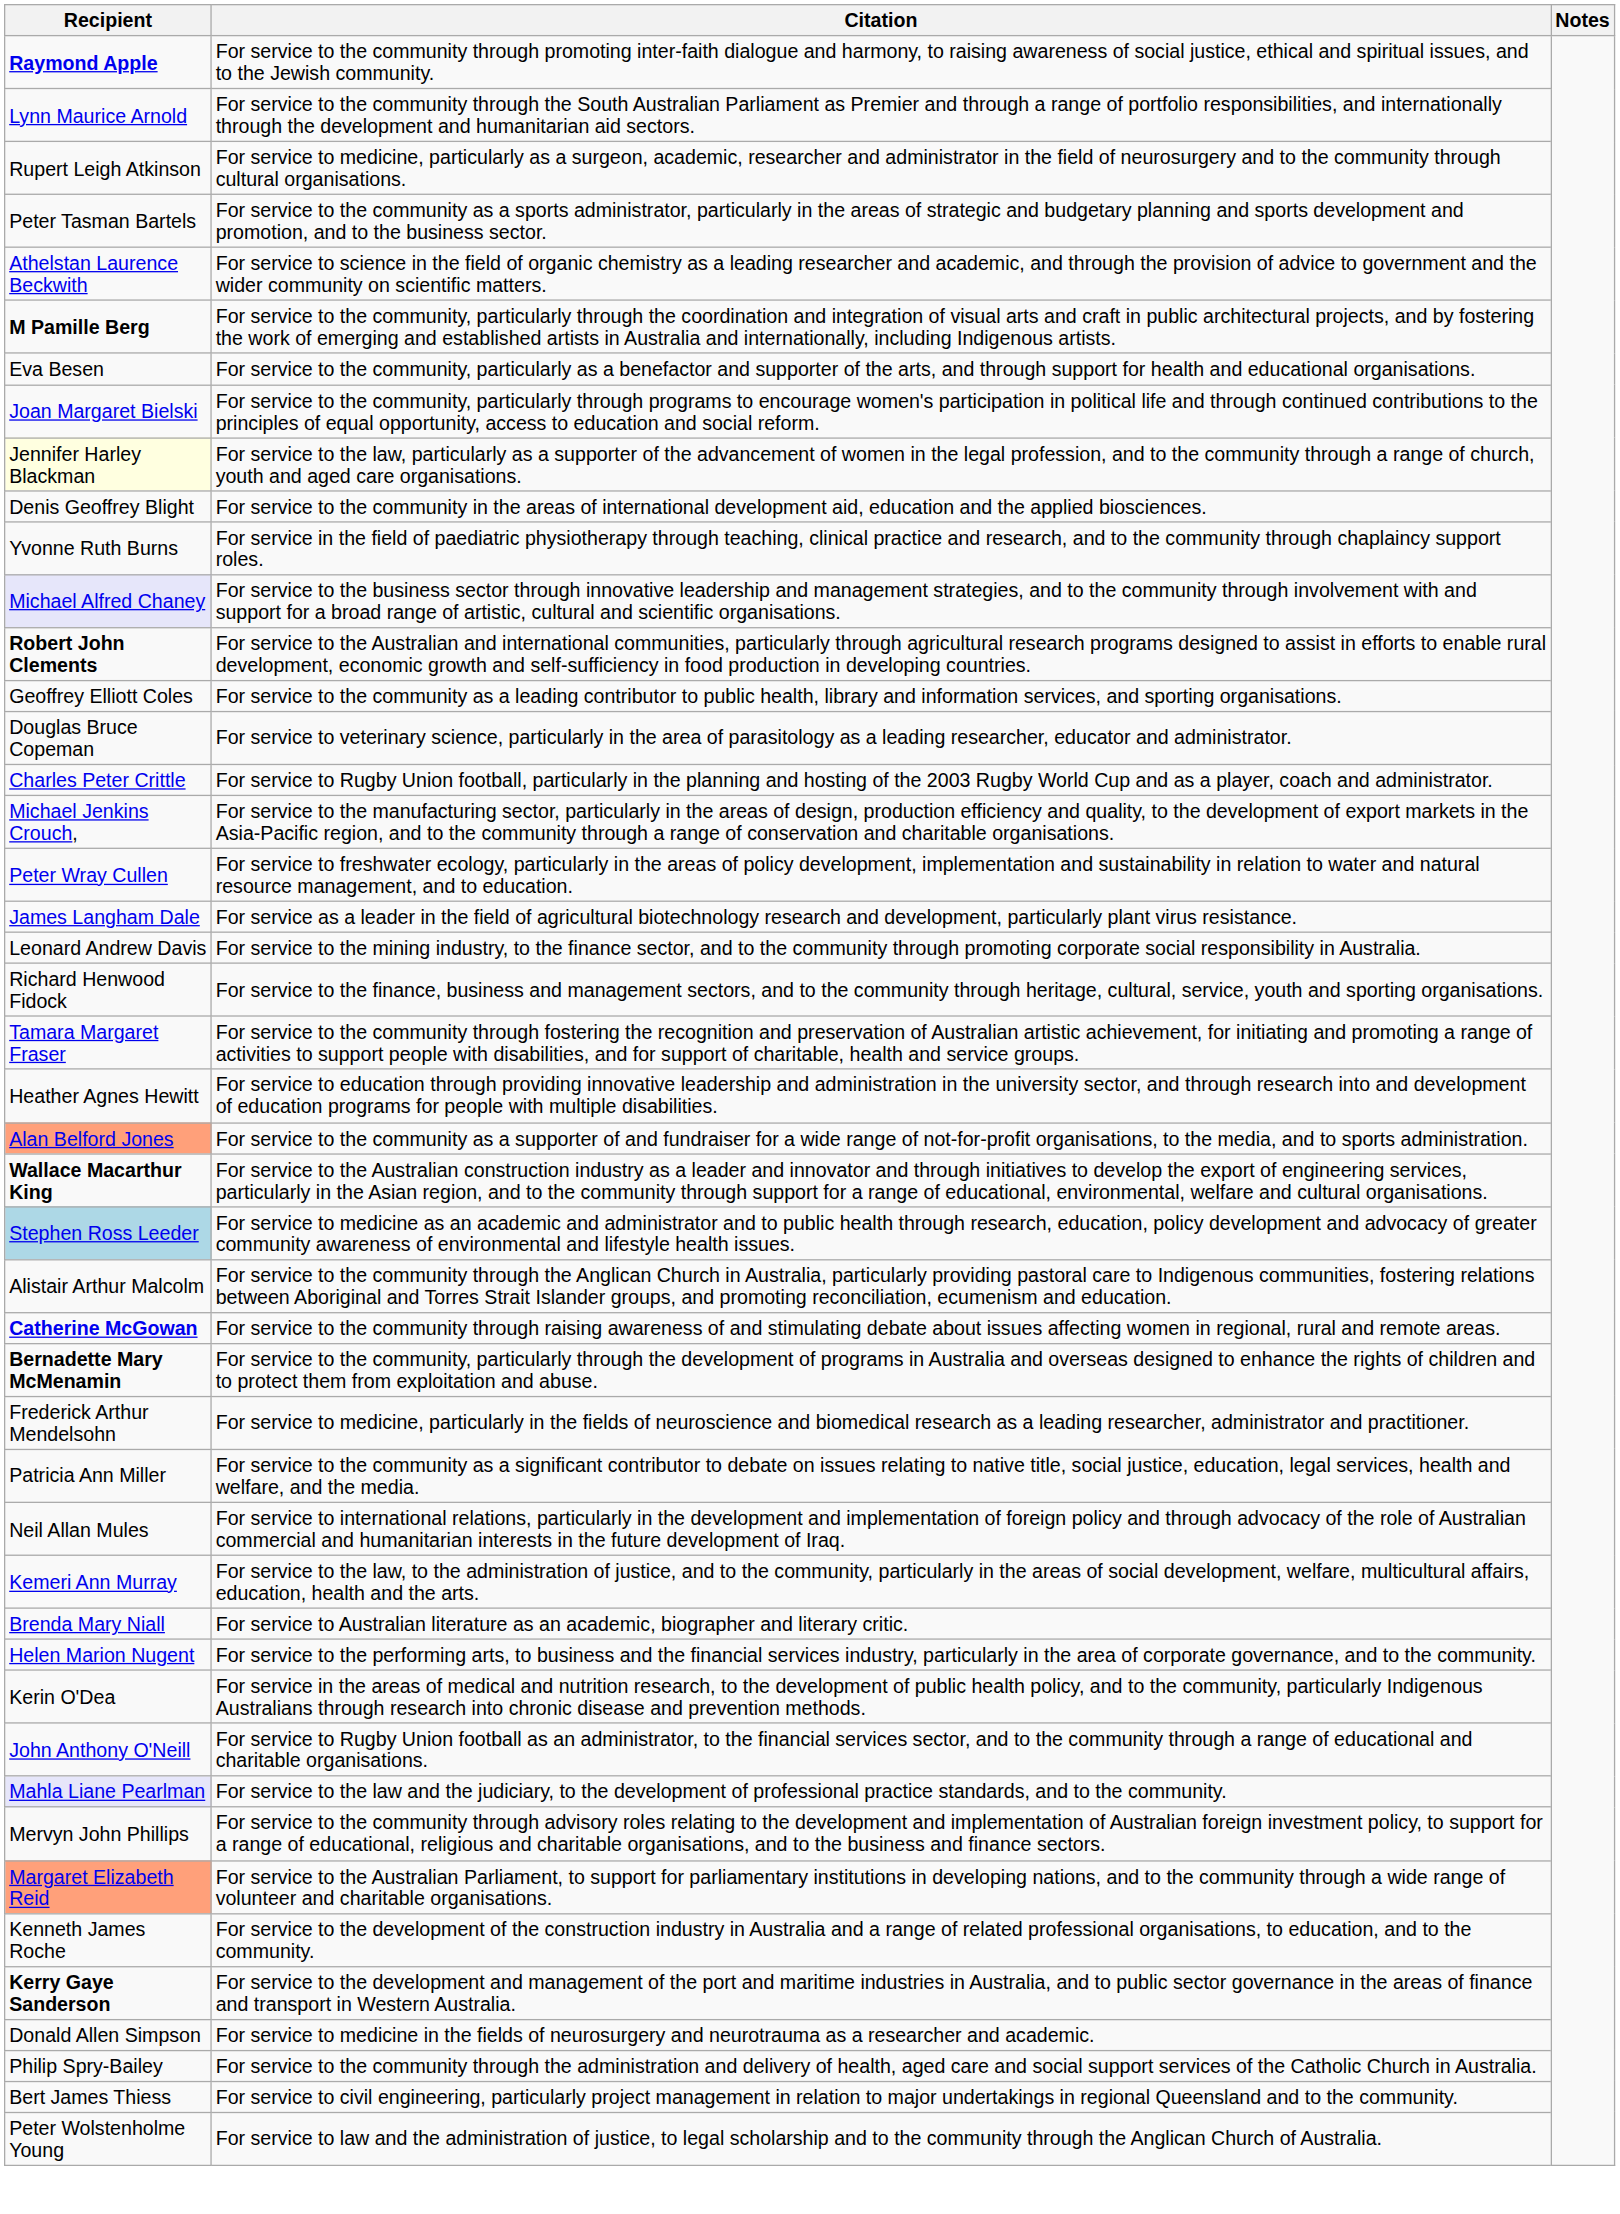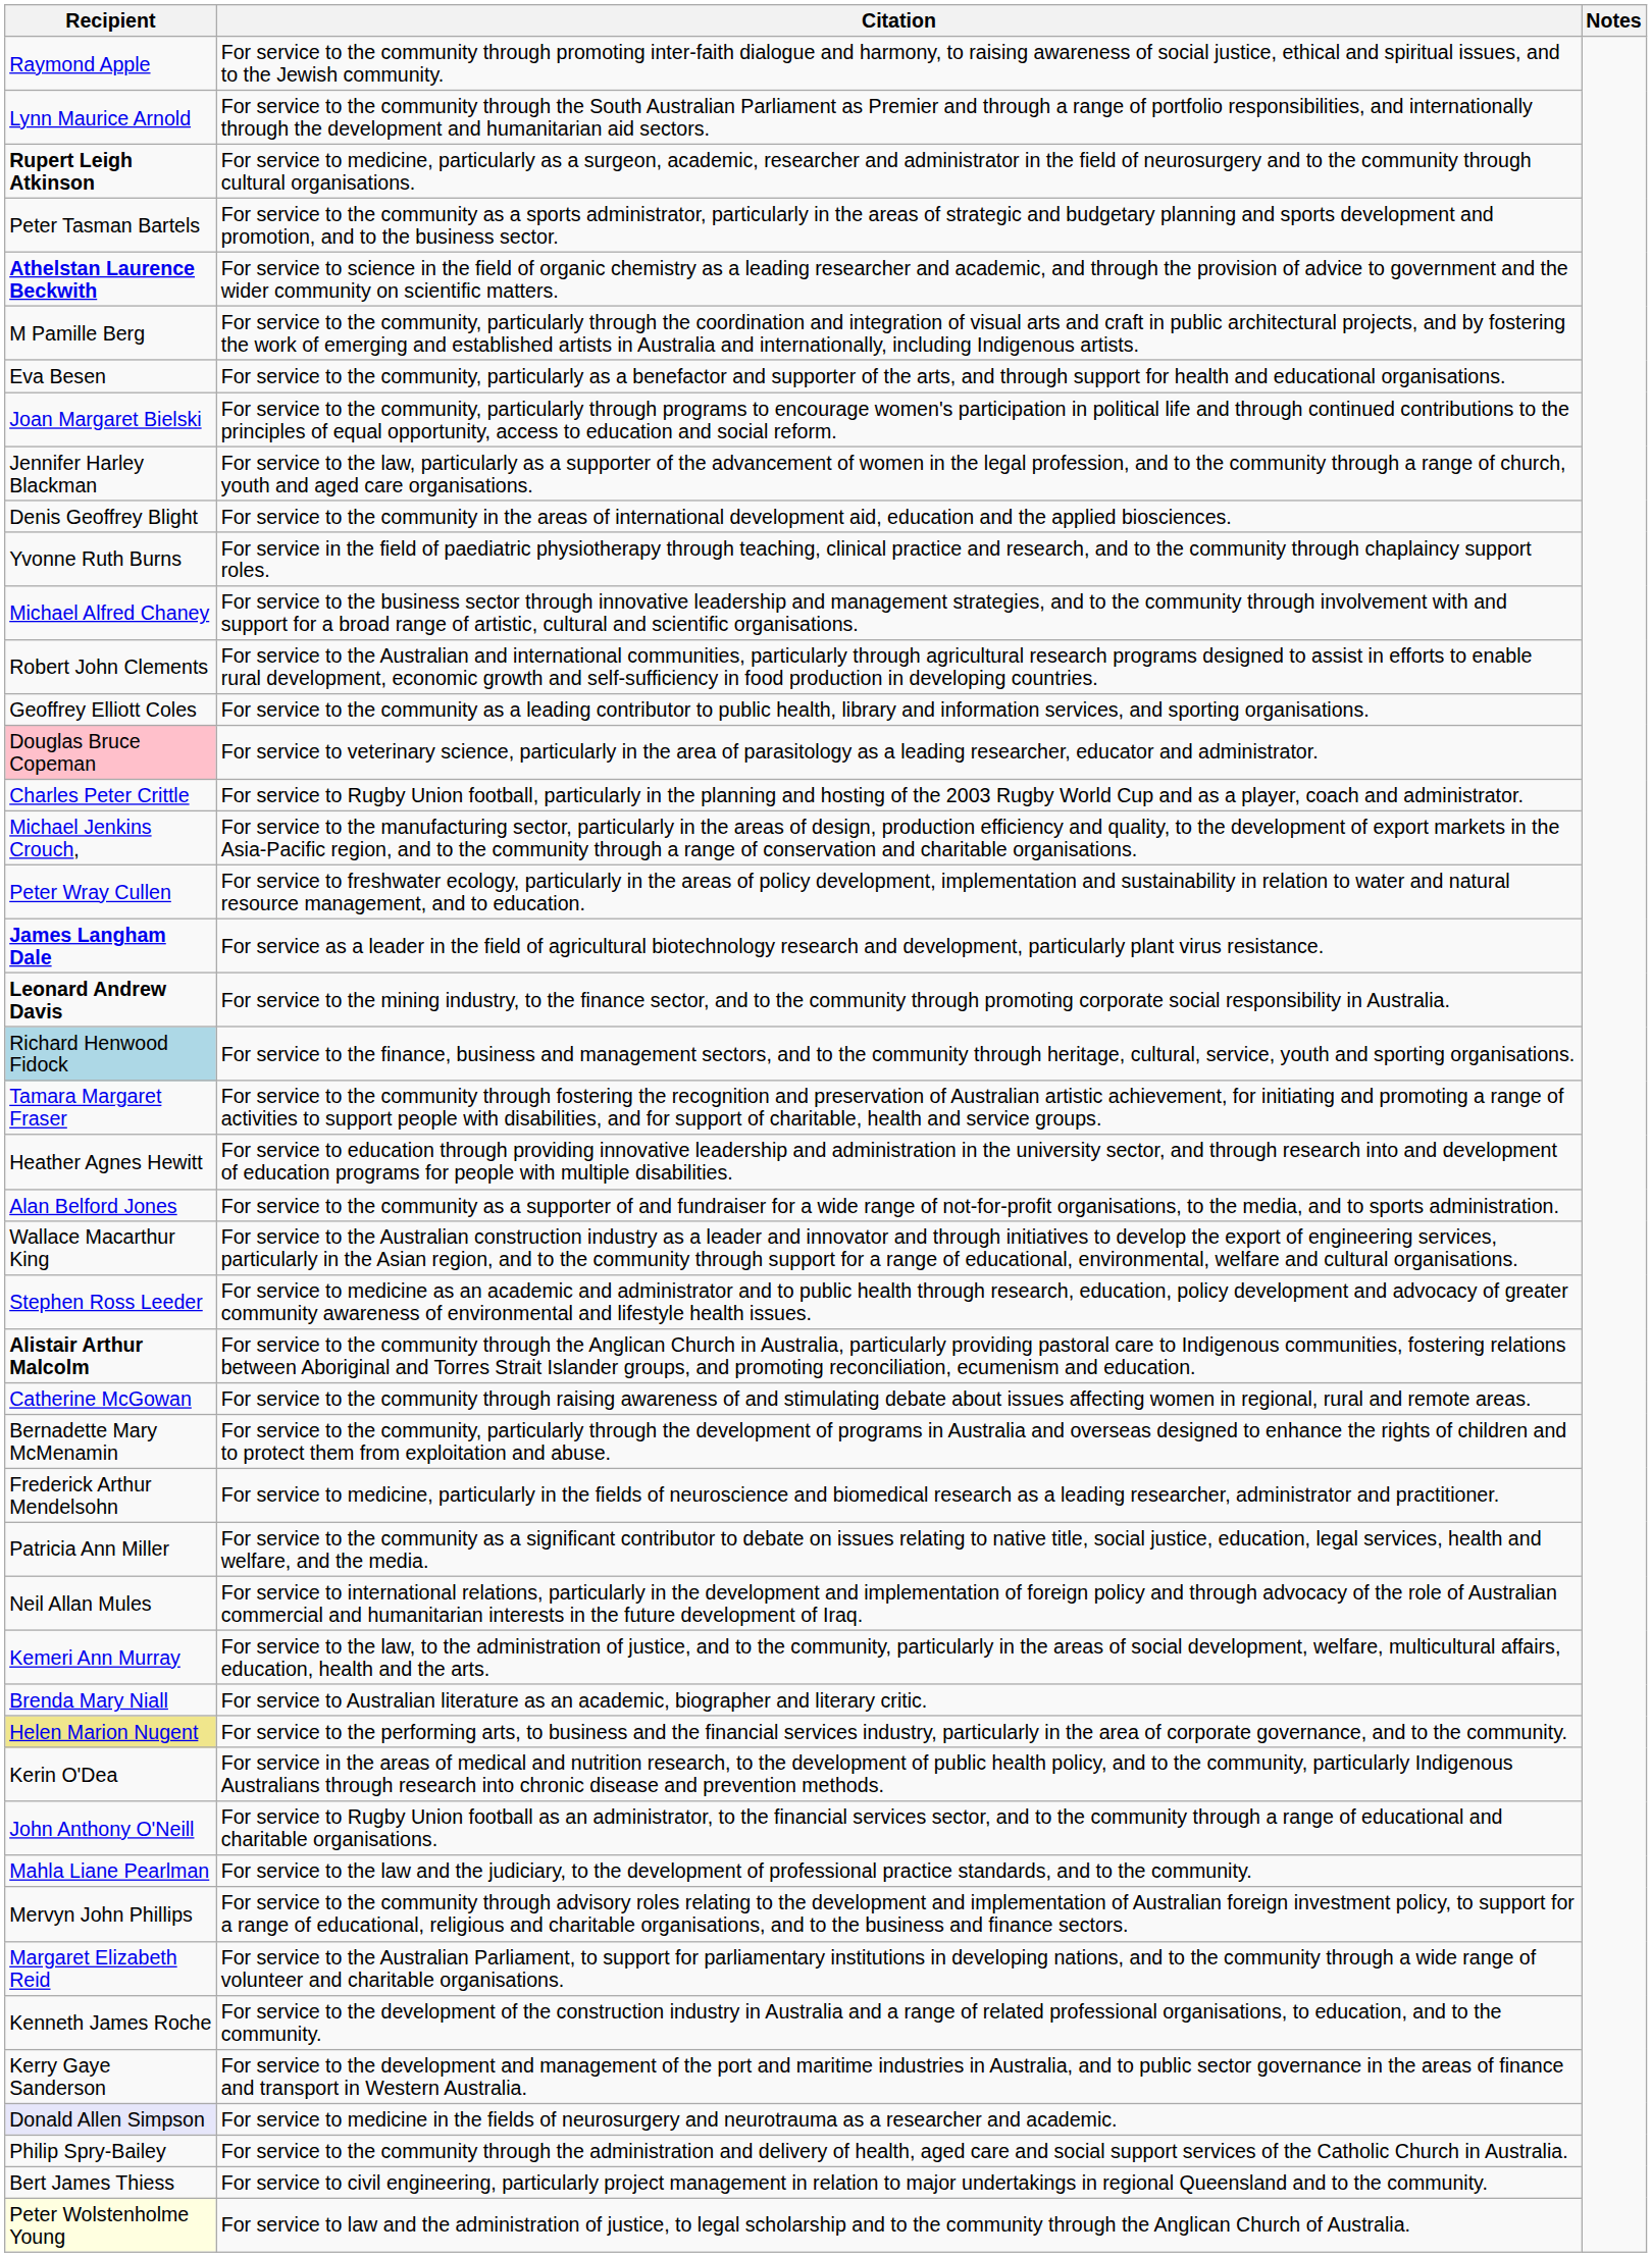 <table class="wikitable" style="font-size:95%;">
 <tr>
 <th>Recipient</th>
 <th>Citation</th>
 <th>Notes</th>
 </tr>
 <tr>
-<td><strong> <a href='#'>Raymond Apple</a></strong></td>
+<td> <a href='#'>Raymond Apple</a></td>
 <td>For service to the community through promoting inter-faith dialogue and harmony, to raising awareness of social justice, ethical and spiritual issues, and to the Jewish community.</td>
 <td rowspan="46"></td>
 </tr>
 <tr>
 <td> <a href='#'>Lynn Maurice Arnold</a></td>
 <td>For service to the community through the South Australian Parliament as Premier and through a range of portfolio responsibilities, and internationally through the development and humanitarian aid sectors.</td>
 </tr>
 <tr>
-<td> Rupert Leigh Atkinson</td>
+<td><strong> Rupert Leigh Atkinson</strong></td>
 <td>For service to medicine, particularly as a surgeon, academic, researcher and administrator in the field of neurosurgery and to the community through cultural organisations.</td>
 </tr>
 <tr>
 <td>Peter Tasman Bartels</td>
 <td>For service to the community as a sports administrator, particularly in the areas of strategic and budgetary planning and sports development and promotion, and to the business sector.</td>
 </tr>
 <tr>
-<td> <a href='#'>Athelstan Laurence Beckwith</a></td>
+<td><strong> <a href='#'>Athelstan Laurence Beckwith</a></strong></td>
 <td>For service to science in the field of organic chemistry as a leading researcher and academic, and through the provision of advice to government and the wider community on scientific matters.</td>
 </tr>
 <tr>
-<td><strong>M Pamille Berg</strong></td>
+<td>M Pamille Berg</td>
 <td>For service to the community, particularly through the coordination and integration of visual arts and craft in public architectural projects, and by fostering the work of emerging and established artists in Australia and internationally, including Indigenous artists.</td>
 </tr>
 <tr>
 <td>Eva Besen</td>
 <td>For service to the community, particularly as a benefactor and supporter of the arts, and through support for health and educational organisations.</td>
 </tr>
 <tr>
 <td><a href='#'>Joan Margaret Bielski</a></td>
 <td>For service to the community, particularly through programs to encourage women's participation in political life and through continued contributions to the principles of equal opportunity, access to education and social reform.</td>
 </tr>
 <tr>
-<td style="background: lightyellow;">Jennifer Harley Blackman</td>
+<td>Jennifer Harley Blackman</td>
 <td>For service to the law, particularly as a supporter of the advancement of women in the legal profession, and to the community through a range of church, youth and aged care organisations.</td>
 </tr>
 <tr>
 <td> Denis Geoffrey Blight</td>
 <td>For service to the community in the areas of international development aid, education and the applied biosciences.</td>
 </tr>
 <tr>
 <td> Yvonne Ruth Burns</td>
 <td>For service in the field of paediatric physiotherapy through teaching, clinical practice and research, and to the community through chaplaincy support roles.</td>
 </tr>
 <tr>
-<td style="background: lavender;"><a href='#'>Michael Alfred Chaney</a></td>
+<td><a href='#'>Michael Alfred Chaney</a></td>
 <td>For service to the business sector through innovative leadership and management strategies, and to the community through involvement with and support for a broad range of artistic, cultural and scientific organisations.</td>
 </tr>
 <tr>
-<td><strong> Robert John Clements</strong></td>
+<td> Robert John Clements</td>
 <td>For service to the Australian and international communities, particularly through agricultural research programs designed to assist in efforts to enable rural development, economic growth and self-sufficiency in food production in developing countries.</td>
 </tr>
 <tr>
 <td>Geoffrey Elliott Coles</td>
 <td>For service to the community as a leading contributor to public health, library and information services, and sporting organisations.</td>
 </tr>
 <tr>
-<td> Douglas Bruce Copeman</td>
+<td style="background: pink;"> Douglas Bruce Copeman</td>
 <td>For service to veterinary science, particularly in the area of parasitology as a leading researcher, educator and administrator.</td>
 </tr>
 <tr>
 <td><a href='#'>Charles Peter Crittle</a></td>
 <td>For service to Rugby Union football, particularly in the planning and hosting of the 2003 Rugby World Cup and as a player, coach and administrator.</td>
 </tr>
 <tr>
 <td><a href='#'>Michael Jenkins Crouch</a>, </td>
 <td>For service to the manufacturing sector, particularly in the areas of design, production efficiency and quality, to the development of export markets in the Asia-Pacific region, and to the community through a range of conservation and charitable organisations.</td>
 </tr>
 <tr>
 <td> <a href='#'>Peter Wray Cullen</a></td>
 <td>For service to freshwater ecology, particularly in the areas of policy development, implementation and sustainability in relation to water and natural resource management, and to education.</td>
 </tr>
 <tr>
-<td> <a href='#'>James Langham Dale</a></td>
+<td><strong> <a href='#'>James Langham Dale</a></strong></td>
 <td>For service as a leader in the field of agricultural biotechnology research and development, particularly plant virus resistance.</td>
 </tr>
 <tr>
-<td>Leonard Andrew Davis</td>
+<td><strong>Leonard Andrew Davis</strong></td>
 <td>For service to the mining industry, to the finance sector, and to the community through promoting corporate social responsibility in Australia.</td>
 </tr>
 <tr>
-<td>Richard Henwood Fidock</td>
+<td style="background: lightblue;">Richard Henwood Fidock</td>
 <td>For service to the finance, business and management sectors, and to the community through heritage, cultural, service, youth and sporting organisations.</td>
 </tr>
 <tr>
 <td><a href='#'>Tamara Margaret Fraser</a></td>
 <td>For service to the community through fostering the recognition and preservation of Australian artistic achievement, for initiating and promoting a range of activities to support people with disabilities, and for support of charitable, health and service groups.</td>
 </tr>
 <tr>
 <td>Heather Agnes Hewitt</td>
 <td>For service to education through providing innovative leadership and administration in the university sector, and through research into and development of education programs for people with multiple disabilities.</td>
 </tr>
 <tr>
-<td style="background: lightsalmon;"><a href='#'>Alan Belford Jones</a></td>
+<td><a href='#'>Alan Belford Jones</a></td>
 <td>For service to the community as a supporter of and fundraiser for a wide range of not-for-profit organisations, to the media, and to sports administration.</td>
 </tr>
 <tr>
-<td><strong>Wallace Macarthur King</strong></td>
+<td>Wallace Macarthur King</td>
 <td>For service to the Australian construction industry as a leader and innovator and through initiatives to develop the export of engineering services, particularly in the Asian region, and to the community through support for a range of educational, environmental, welfare and cultural organisations.</td>
 </tr>
 <tr>
-<td style="background: lightblue;"> <a href='#'>Stephen Ross Leeder</a></td>
+<td> <a href='#'>Stephen Ross Leeder</a></td>
 <td>For service to medicine as an academic and administrator and to public health through research, education, policy development and advocacy of greater community awareness of environmental and lifestyle health issues.</td>
 </tr>
 <tr>
-<td> Alistair Arthur Malcolm</td>
+<td><strong> Alistair Arthur Malcolm</strong></td>
 <td>For service to the community through the Anglican Church in Australia, particularly providing pastoral care to Indigenous communities, fostering relations between Aboriginal and Torres Strait Islander groups, and promoting reconciliation, ecumenism and education.</td>
 </tr>
 <tr>
-<td><strong><a href='#'>Catherine McGowan</a></strong></td>
+<td><a href='#'>Catherine McGowan</a></td>
 <td>For service to the community through raising awareness of and stimulating debate about issues affecting women in regional, rural and remote areas.</td>
 </tr>
 <tr>
-<td><strong>Bernadette Mary McMenamin</strong></td>
+<td>Bernadette Mary McMenamin</td>
 <td>For service to the community, particularly through the development of programs in Australia and overseas designed to enhance the rights of children and to protect them from exploitation and abuse.</td>
 </tr>
 <tr>
 <td> Frederick Arthur Mendelsohn</td>
 <td>For service to medicine, particularly in the fields of neuroscience and biomedical research as a leading researcher, administrator and practitioner.</td>
 </tr>
 <tr>
 <td>Patricia Ann Miller</td>
 <td>For service to the community as a significant contributor to debate on issues relating to native title, social justice, education, legal services, health and welfare, and the media.</td>
 </tr>
 <tr>
 <td>Neil Allan Mules</td>
 <td>For service to international relations, particularly in the development and implementation of foreign policy and through advocacy of the role of Australian commercial and humanitarian interests in the future development of Iraq.</td>
 </tr>
 <tr>
 <td> <a href='#'>Kemeri Ann Murray</a></td>
 <td>For service to the law, to the administration of justice, and to the community, particularly in the areas of social development, welfare, multicultural affairs, education, health and the arts.</td>
 </tr>
 <tr>
 <td> <a href='#'>Brenda Mary Niall</a></td>
 <td>For service to Australian literature as an academic, biographer and literary critic.</td>
 </tr>
 <tr>
-<td> <a href='#'>Helen Marion Nugent</a></td>
+<td style="background: khaki;"> <a href='#'>Helen Marion Nugent</a></td>
 <td>For service to the performing arts, to business and the financial services industry, particularly in the area of corporate governance, and to the community.</td>
 </tr>
 <tr>
 <td> Kerin O'Dea</td>
 <td>For service in the areas of medical and nutrition research, to the development of public health policy, and to the community, particularly Indigenous Australians through research into chronic disease and prevention methods.</td>
 </tr>
 <tr>
 <td><a href='#'>John Anthony O'Neill</a></td>
 <td>For service to Rugby Union football as an administrator, to the financial services sector, and to the community through a range of educational and charitable organisations.</td>
 </tr>
 <tr>
-<td style="background: lavender;"> <a href='#'>Mahla Liane Pearlman</a></td>
+<td> <a href='#'>Mahla Liane Pearlman</a></td>
 <td>For service to the law and the judiciary, to the development of professional practice standards, and to the community.</td>
 </tr>
 <tr>
 <td>Mervyn John Phillips</td>
 <td>For service to the community through advisory roles relating to the development and implementation of Australian foreign investment policy, to support for a range of educational, religious and charitable organisations, and to the business and finance sectors.</td>
 </tr>
 <tr>
-<td style="background: lightsalmon;"> <a href='#'>Margaret Elizabeth Reid</a></td>
+<td> <a href='#'>Margaret Elizabeth Reid</a></td>
 <td>For service to the Australian Parliament, to support for parliamentary institutions in developing nations, and to the community through a wide range of volunteer and charitable organisations.</td>
 </tr>
 <tr>
 <td>Kenneth James Roche</td>
 <td>For service to the development of the construction industry in Australia and a range of related professional organisations, to education, and to the community.</td>
 </tr>
 <tr>
-<td><strong>Kerry Gaye Sanderson</strong></td>
+<td>Kerry Gaye Sanderson</td>
 <td>For service to the development and management of the port and maritime industries in Australia, and to public sector governance in the areas of finance and transport in Western Australia.</td>
 </tr>
 <tr>
-<td> Donald Allen Simpson</td>
+<td style="background: lavender;"> Donald Allen Simpson</td>
 <td>For service to medicine in the fields of neurosurgery and neurotrauma as a researcher and academic.</td>
 </tr>
 <tr>
 <td>Philip Spry-Bailey</td>
 <td>For service to the community through the administration and delivery of health, aged care and social support services of the Catholic Church in Australia.</td>
 </tr>
 <tr>
 <td>Bert James Thiess</td>
 <td>For service to civil engineering, particularly project management in relation to major undertakings in regional Queensland and to the community.</td>
 </tr>
 <tr>
-<td> Peter Wolstenholme Young</td>
+<td style="background: lightyellow;"> Peter Wolstenholme Young</td>
 <td>For service to law and the administration of justice, to legal scholarship and to the community through the Anglican Church of Australia.</td>
 </tr>
 </table>
